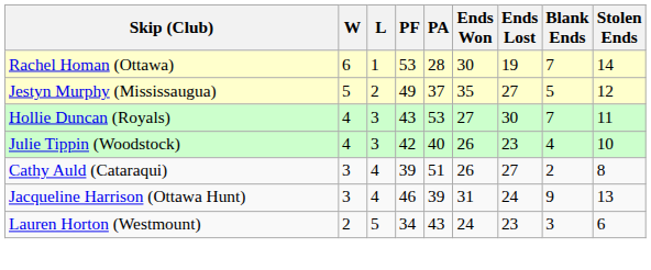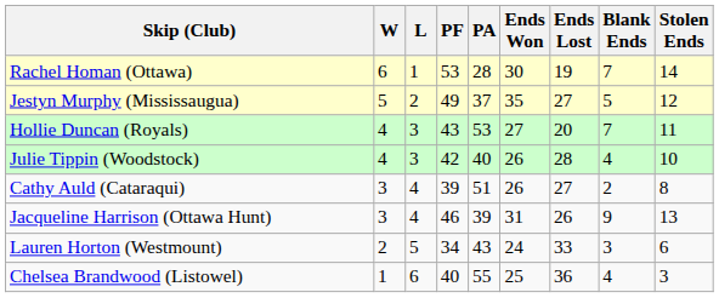 <table class="wikitable">
 <tr>
 <th bgcolor="#efefef" width="320">Skip (Club)</th>
 <th bgcolor="#efefef" width="20">W</th>
 <th bgcolor="#efefef" width="20">L</th>
 <th bgcolor="#efefef" width="20">PF</th>
 <th bgcolor="#efefef" width="20">PA</th>
 <th bgcolor="#efefef" width="20">Ends <br> Won</th>
 <th bgcolor="#efefef" width="20">Ends <br> Lost</th>
 <th bgcolor="#efefef" width="20">Blank <br> Ends</th>
 <th bgcolor="#efefef" width="20">Stolen <br> Ends<br></th>
 </tr>
 <tr style="background:#ffffcc;">
 <td><a href='#'>Rachel Homan</a> (Ottawa)</td>
 <td>6</td>
 <td>1</td>
 <td>53</td>
 <td>28</td>
 <td>30</td>
 <td>19</td>
 <td>7</td>
 <td>14</td>
 </tr>
 <tr bgcolor=#ffffcc>
 <td><a href='#'>Jestyn Murphy</a> (Mississaugua)</td>
 <td>5</td>
 <td>2</td>
 <td>49</td>
 <td>37</td>
 <td>35</td>
 <td>27</td>
 <td>5</td>
 <td>12</td>
 </tr>
 <tr bgcolor=#ccffcc>
 <td><a href='#'>Hollie Duncan</a> (Royals)</td>
 <td>4</td>
 <td>3</td>
 <td>43</td>
 <td>53</td>
 <td>27</td>
-<td>30</td>
+<td>20</td>
 <td>7</td>
 <td>11</td>
 </tr>
 <tr bgcolor=#ccffcc>
 <td><a href='#'>Julie Tippin</a> (Woodstock)</td>
 <td>4</td>
 <td>3</td>
 <td>42</td>
 <td>40</td>
 <td>26</td>
-<td>23</td>
+<td>28</td>
 <td>4</td>
 <td>10</td>
 </tr>
 <tr>
 <td><a href='#'>Cathy Auld</a> (Cataraqui)</td>
 <td>3</td>
 <td>4</td>
 <td>39</td>
 <td>51</td>
 <td>26</td>
 <td>27</td>
 <td>2</td>
 <td>8</td>
 </tr>
 <tr>
 <td><a href='#'>Jacqueline Harrison</a> (Ottawa Hunt)</td>
 <td>3</td>
 <td>4</td>
 <td>46</td>
 <td>39</td>
 <td>31</td>
-<td>24</td>
+<td>26</td>
 <td>9</td>
 <td>13</td>
 </tr>
 <tr>
 <td><a href='#'>Lauren Horton</a> (Westmount)</td>
 <td>2</td>
 <td>5</td>
 <td>34</td>
 <td>43</td>
 <td>24</td>
-<td>23</td>
+<td>33</td>
 <td>3</td>
 <td>6</td>
 </tr>
+<tr>
+<td><a href='#'>Chelsea Brandwood</a> (Listowel)</td>
+<td>1</td>
+<td>6</td>
+<td>40</td>
+<td>55</td>
+<td>25</td>
+<td>36</td>
+<td>4</td>
+<td>3<br></td>
+</tr>
 </table>
